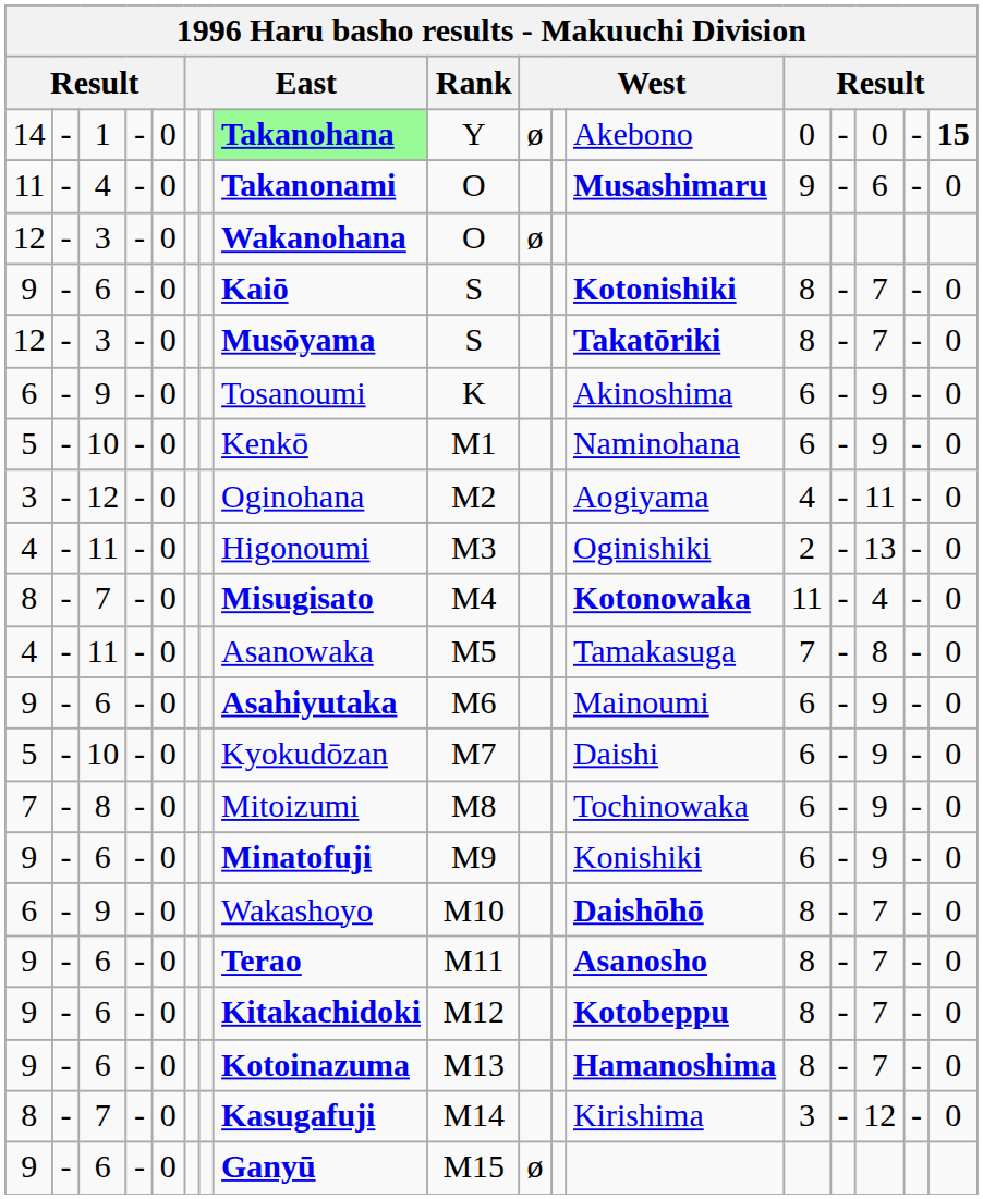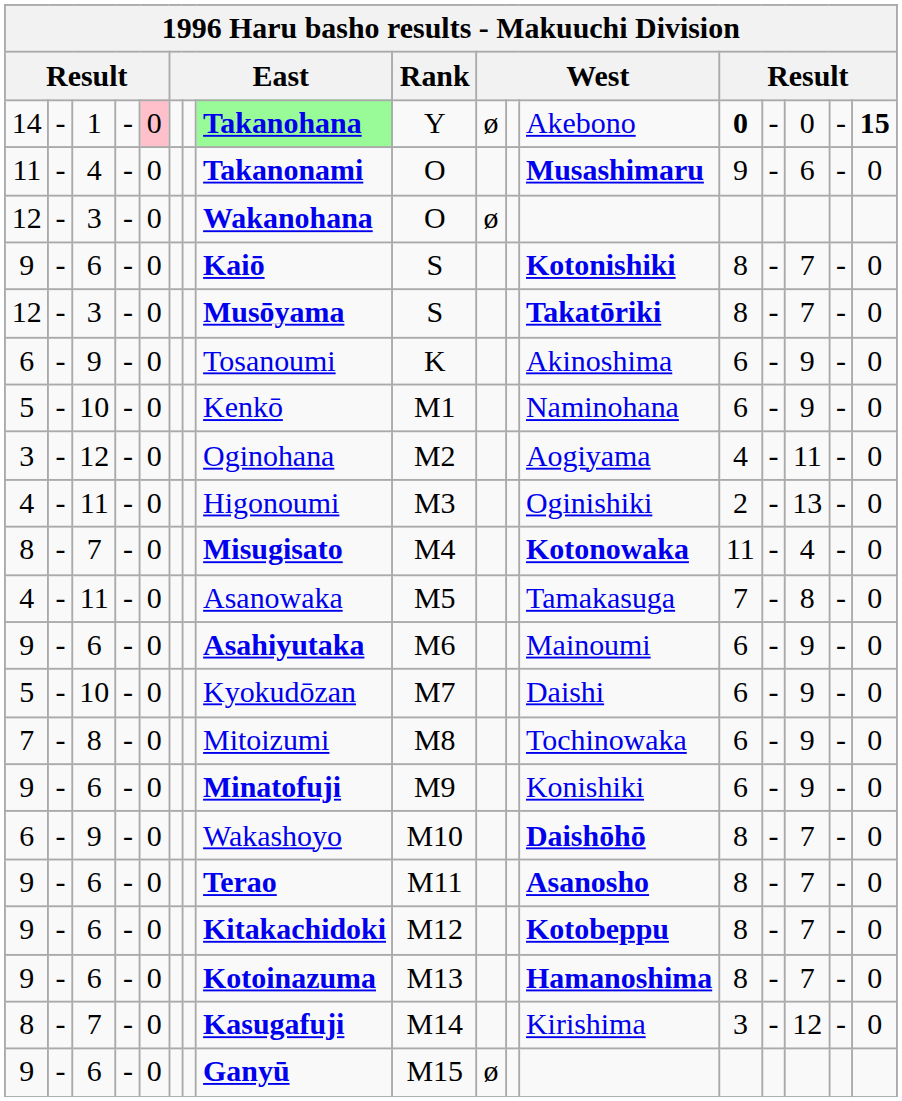 <table class="wikitable">
 <tr>
 <th colspan="17">1996 Haru basho results - Makuuchi Division</th>
 </tr>
 <tr>
 <th colspan="5">Result</th>
 <th colspan="3">East</th>
 <th>Rank</th>
 <th colspan="3">West</th>
 <th colspan="5">Result</th>
 </tr>
 <tr>
 <td align=center>14</td>
 <td align=center>-</td>
 <td align=center>1</td>
 <td align=center>-</td>
-<td align=center>0</td>
+<td align=center style="background: pink;">0</td>
 <td align=center></td>
 <td align=center></td>
 <td style="background: PaleGreen;"><strong><a href='#'>Takanohana</a></strong></td>
 <td align=center>Y</td>
 <td align=center>ø</td>
 <td align=center></td>
 <td><a href='#'>Akebono</a></td>
-<td align=center>0</td>
+<td align=center><strong>0</strong></td>
 <td align=center>-</td>
 <td align=center>0</td>
 <td align=center>-</td>
 <td align=center><strong>15</strong></td>
 </tr>
 <tr>
 <td align=center>11</td>
 <td align=center>-</td>
 <td align=center>4</td>
 <td align=center>-</td>
 <td align=center>0</td>
 <td align=center></td>
 <td align=center></td>
 <td><strong><a href='#'>Takanonami</a></strong></td>
 <td align=center>O</td>
 <td align=center></td>
 <td align=center></td>
 <td><strong><a href='#'>Musashimaru</a></strong></td>
 <td align=center>9</td>
 <td align=center>-</td>
 <td align=center>6</td>
 <td align=center>-</td>
 <td align=center>0</td>
 </tr>
 <tr>
 <td align=center>12</td>
 <td align=center>-</td>
 <td align=center>3</td>
 <td align=center>-</td>
 <td align=center>0</td>
 <td align=center></td>
 <td align=center></td>
 <td><strong><a href='#'>Wakanohana</a></strong></td>
 <td align=center>O</td>
 <td align=center>ø</td>
 <td align=center></td>
 <td></td>
 <td align=center></td>
 <td align=center></td>
 <td align=center></td>
 <td align=center></td>
 <td align=center></td>
 </tr>
 <tr>
 <td align=center>9</td>
 <td align=center>-</td>
 <td align=center>6</td>
 <td align=center>-</td>
 <td align=center>0</td>
 <td align=center></td>
 <td align=center></td>
 <td><strong><a href='#'>Kaiō</a></strong></td>
 <td align=center>S</td>
 <td align=center></td>
 <td align=center></td>
 <td><strong><a href='#'>Kotonishiki</a></strong></td>
 <td align=center>8</td>
 <td align=center>-</td>
 <td align=center>7</td>
 <td align=center>-</td>
 <td align=center>0</td>
 </tr>
 <tr>
 <td align=center>12</td>
 <td align=center>-</td>
 <td align=center>3</td>
 <td align=center>-</td>
 <td align=center>0</td>
 <td align=center></td>
 <td align=center></td>
 <td><strong><a href='#'>Musōyama</a></strong></td>
 <td align=center>S</td>
 <td align=center></td>
 <td align=center></td>
 <td><strong><a href='#'>Takatōriki</a></strong></td>
 <td align=center>8</td>
 <td align=center>-</td>
 <td align=center>7</td>
 <td align=center>-</td>
 <td align=center>0</td>
 </tr>
 <tr>
 <td align=center>6</td>
 <td align=center>-</td>
 <td align=center>9</td>
 <td align=center>-</td>
 <td align=center>0</td>
 <td align=center></td>
 <td align=center></td>
 <td><a href='#'>Tosanoumi</a></td>
 <td align=center>K</td>
 <td align=center></td>
 <td align=center></td>
 <td><a href='#'>Akinoshima</a></td>
 <td align=center>6</td>
 <td align=center>-</td>
 <td align=center>9</td>
 <td align=center>-</td>
 <td align=center>0</td>
 </tr>
 <tr>
 <td align=center>5</td>
 <td align=center>-</td>
 <td align=center>10</td>
 <td align=center>-</td>
 <td align=center>0</td>
 <td align=center></td>
 <td align=center></td>
 <td><a href='#'>Kenkō</a></td>
 <td align=center>M1</td>
 <td align=center></td>
 <td align=center></td>
 <td><a href='#'>Naminohana</a></td>
 <td align=center>6</td>
 <td align=center>-</td>
 <td align=center>9</td>
 <td align=center>-</td>
 <td align=center>0</td>
 </tr>
 <tr>
 <td align=center>3</td>
 <td align=center>-</td>
 <td align=center>12</td>
 <td align=center>-</td>
 <td align=center>0</td>
 <td align=center></td>
 <td align=center></td>
 <td><a href='#'>Oginohana</a></td>
 <td align=center>M2</td>
 <td align=center></td>
 <td align=center></td>
 <td><a href='#'>Aogiyama</a></td>
 <td align=center>4</td>
 <td align=center>-</td>
 <td align=center>11</td>
 <td align=center>-</td>
 <td align=center>0</td>
 </tr>
 <tr>
 <td align=center>4</td>
 <td align=center>-</td>
 <td align=center>11</td>
 <td align=center>-</td>
 <td align=center>0</td>
 <td align=center></td>
 <td align=center></td>
 <td><a href='#'>Higonoumi</a></td>
 <td align=center>M3</td>
 <td align=center></td>
 <td align=center></td>
 <td><a href='#'>Oginishiki</a></td>
 <td align=center>2</td>
 <td align=center>-</td>
 <td align=center>13</td>
 <td align=center>-</td>
 <td align=center>0</td>
 </tr>
 <tr>
 <td align=center>8</td>
 <td align=center>-</td>
 <td align=center>7</td>
 <td align=center>-</td>
 <td align=center>0</td>
 <td align=center></td>
 <td align=center></td>
 <td><strong><a href='#'>Misugisato</a></strong></td>
 <td align=center>M4</td>
 <td align=center></td>
 <td align=center></td>
 <td><strong><a href='#'>Kotonowaka</a></strong></td>
 <td align=center>11</td>
 <td align=center>-</td>
 <td align=center>4</td>
 <td align=center>-</td>
 <td align=center>0</td>
 </tr>
 <tr>
 <td align=center>4</td>
 <td align=center>-</td>
 <td align=center>11</td>
 <td align=center>-</td>
 <td align=center>0</td>
 <td align=center></td>
 <td align=center></td>
 <td><a href='#'>Asanowaka</a></td>
 <td align=center>M5</td>
 <td align=center></td>
 <td align=center></td>
 <td><a href='#'>Tamakasuga</a></td>
 <td align=center>7</td>
 <td align=center>-</td>
 <td align=center>8</td>
 <td align=center>-</td>
 <td align=center>0</td>
 </tr>
 <tr>
 <td align=center>9</td>
 <td align=center>-</td>
 <td align=center>6</td>
 <td align=center>-</td>
 <td align=center>0</td>
 <td align=center></td>
 <td align=center></td>
 <td><strong><a href='#'>Asahiyutaka</a></strong></td>
 <td align=center>M6</td>
 <td align=center></td>
 <td align=center></td>
 <td><a href='#'>Mainoumi</a></td>
 <td align=center>6</td>
 <td align=center>-</td>
 <td align=center>9</td>
 <td align=center>-</td>
 <td align=center>0</td>
 </tr>
 <tr>
 <td align=center>5</td>
 <td align=center>-</td>
 <td align=center>10</td>
 <td align=center>-</td>
 <td align=center>0</td>
 <td align=center></td>
 <td align=center></td>
 <td><a href='#'>Kyokudōzan</a></td>
 <td align=center>M7</td>
 <td align=center></td>
 <td align=center></td>
 <td><a href='#'>Daishi</a></td>
 <td align=center>6</td>
 <td align=center>-</td>
 <td align=center>9</td>
 <td align=center>-</td>
 <td align=center>0</td>
 </tr>
 <tr>
 <td align=center>7</td>
 <td align=center>-</td>
 <td align=center>8</td>
 <td align=center>-</td>
 <td align=center>0</td>
 <td align=center></td>
 <td align=center></td>
 <td><a href='#'>Mitoizumi</a></td>
 <td align=center>M8</td>
 <td align=center></td>
 <td align=center></td>
 <td><a href='#'>Tochinowaka</a></td>
 <td align=center>6</td>
 <td align=center>-</td>
 <td align=center>9</td>
 <td align=center>-</td>
 <td align=center>0</td>
 </tr>
 <tr>
 <td align=center>9</td>
 <td align=center>-</td>
 <td align=center>6</td>
 <td align=center>-</td>
 <td align=center>0</td>
 <td align=center></td>
 <td align=center></td>
 <td><strong><a href='#'>Minatofuji</a></strong></td>
 <td align=center>M9</td>
 <td align=center></td>
 <td align=center></td>
 <td><a href='#'>Konishiki</a></td>
 <td align=center>6</td>
 <td align=center>-</td>
 <td align=center>9</td>
 <td align=center>-</td>
 <td align=center>0</td>
 </tr>
 <tr>
 <td align=center>6</td>
 <td align=center>-</td>
 <td align=center>9</td>
 <td align=center>-</td>
 <td align=center>0</td>
 <td align=center></td>
 <td align=center></td>
 <td><a href='#'>Wakashoyo</a></td>
 <td align=center>M10</td>
 <td align=center></td>
 <td align=center></td>
 <td><strong><a href='#'>Daishōhō</a></strong></td>
 <td align=center>8</td>
 <td align=center>-</td>
 <td align=center>7</td>
 <td align=center>-</td>
 <td align=center>0</td>
 </tr>
 <tr>
 <td align=center>9</td>
 <td align=center>-</td>
 <td align=center>6</td>
 <td align=center>-</td>
 <td align=center>0</td>
 <td align=center></td>
 <td align=center></td>
 <td><strong><a href='#'>Terao</a></strong></td>
 <td align=center>M11</td>
 <td align=center></td>
 <td align=center></td>
 <td><strong><a href='#'>Asanosho</a></strong></td>
 <td align=center>8</td>
 <td align=center>-</td>
 <td align=center>7</td>
 <td align=center>-</td>
 <td align=center>0</td>
 </tr>
 <tr>
 <td align=center>9</td>
 <td align=center>-</td>
 <td align=center>6</td>
 <td align=center>-</td>
 <td align=center>0</td>
 <td align=center></td>
 <td align=center></td>
 <td><strong><a href='#'>Kitakachidoki</a></strong></td>
 <td align=center>M12</td>
 <td align=center></td>
 <td align=center></td>
 <td><strong><a href='#'>Kotobeppu</a></strong></td>
 <td align=center>8</td>
 <td align=center>-</td>
 <td align=center>7</td>
 <td align=center>-</td>
 <td align=center>0</td>
 </tr>
 <tr>
 <td align=center>9</td>
 <td align=center>-</td>
 <td align=center>6</td>
 <td align=center>-</td>
 <td align=center>0</td>
 <td align=center></td>
 <td align=center></td>
 <td><strong><a href='#'>Kotoinazuma</a></strong></td>
 <td align=center>M13</td>
 <td align=center></td>
 <td align=center></td>
 <td><strong><a href='#'>Hamanoshima</a></strong></td>
 <td align=center>8</td>
 <td align=center>-</td>
 <td align=center>7</td>
 <td align=center>-</td>
 <td align=center>0</td>
 </tr>
 <tr>
 <td align=center>8</td>
 <td align=center>-</td>
 <td align=center>7</td>
 <td align=center>-</td>
 <td align=center>0</td>
 <td align=center></td>
 <td align=center></td>
 <td><strong><a href='#'>Kasugafuji</a></strong></td>
 <td align=center>M14</td>
 <td align=center></td>
 <td align=center></td>
 <td><a href='#'>Kirishima</a></td>
 <td align=center>3</td>
 <td align=center>-</td>
 <td align=center>12</td>
 <td align=center>-</td>
 <td align=center>0</td>
 </tr>
 <tr>
 <td align=center>9</td>
 <td align=center>-</td>
 <td align=center>6</td>
 <td align=center>-</td>
 <td align=center>0</td>
 <td align=center></td>
 <td align=center></td>
 <td><strong><a href='#'>Ganyū</a></strong></td>
 <td align=center>M15</td>
 <td align=center>ø</td>
 <td align=center></td>
 <td></td>
 <td align=center></td>
 <td align=center></td>
 <td align=center></td>
 <td align=center></td>
 <td align=center></td>
 </tr>
 </table>
